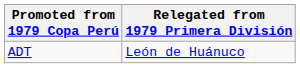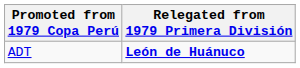 <table class="wikitable">
 <tr>
 <th>Promoted from<br><a href='#'>1979 Copa Perú</a></th>
 <th>Relegated from<br><a href='#'>1979 Primera División</a></th>
 </tr>
 <tr>
 <td> <a href='#'>ADT</a> </td>
-<td> <a href='#'>León de Huánuco</a> </td>
+<td><strong> <a href='#'>León de Huánuco</a> </strong></td>
 </tr>
 </table>
